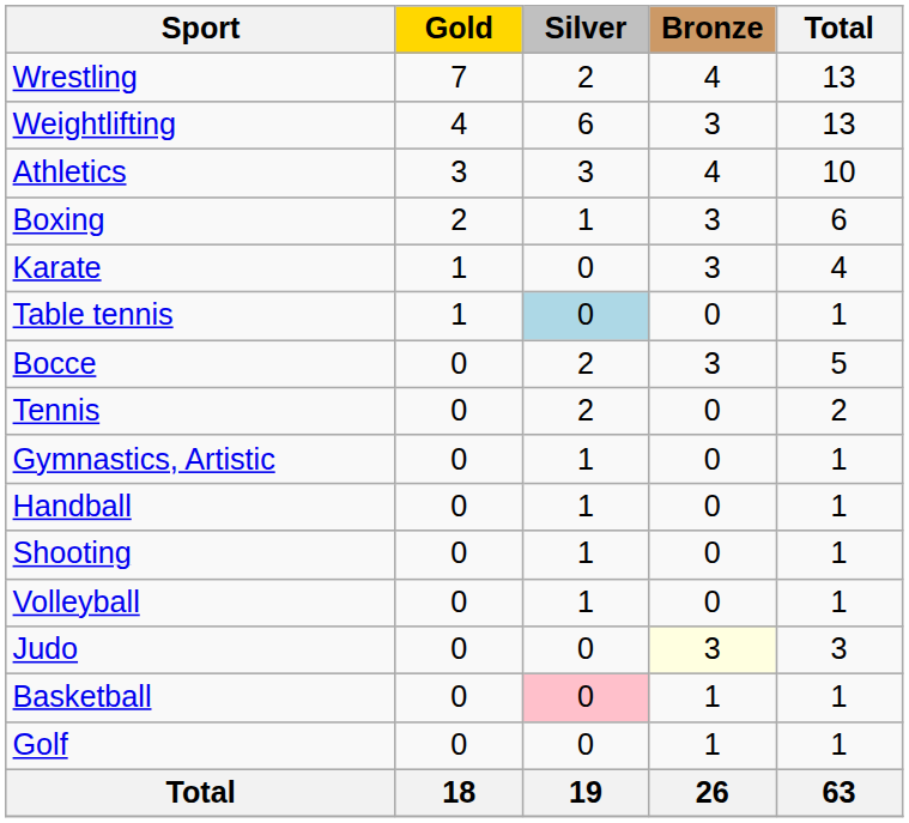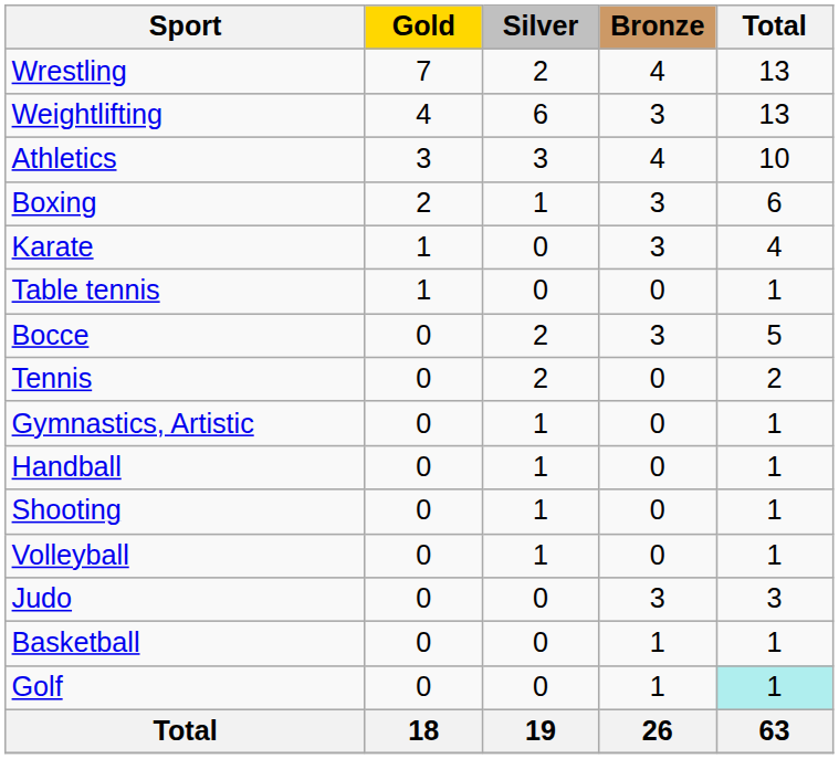 <table class="wikitable" style="text-align:center;">
 <tr>
 <th width=200>Sport</th>
 <td bgcolor=gold width=60><strong>Gold</strong></td>
 <td bgcolor=silver width=60><strong>Silver</strong></td>
 <td bgcolor=#cc9966 width=60><strong>Bronze</strong></td>
 <th width=60>Total</th>
 </tr>
 <tr>
 <td align=left><a href='#'>Wrestling</a></td>
 <td>7</td>
 <td>2</td>
 <td>4</td>
 <td>13</td>
 </tr>
 <tr>
 <td align=left><a href='#'>Weightlifting</a></td>
 <td>4</td>
 <td>6</td>
 <td>3</td>
 <td>13</td>
 </tr>
 <tr>
 <td align=left><a href='#'>Athletics</a></td>
 <td>3</td>
 <td>3</td>
 <td>4</td>
 <td>10</td>
 </tr>
 <tr>
 <td align=left><a href='#'>Boxing</a></td>
 <td>2</td>
 <td>1</td>
 <td>3</td>
 <td>6</td>
 </tr>
 <tr>
 <td align=left><a href='#'>Karate</a></td>
 <td>1</td>
 <td>0</td>
 <td>3</td>
 <td>4</td>
 </tr>
 <tr>
 <td align=left><a href='#'>Table tennis</a></td>
 <td>1</td>
-<td style="background: lightblue;">0</td>
+<td>0</td>
 <td>0</td>
 <td>1</td>
 </tr>
 <tr>
 <td align=left><a href='#'>Bocce</a></td>
 <td>0</td>
 <td>2</td>
 <td>3</td>
 <td>5</td>
 </tr>
 <tr>
 <td align=left><a href='#'>Tennis</a></td>
 <td>0</td>
 <td>2</td>
 <td>0</td>
 <td>2</td>
 </tr>
 <tr>
 <td align=left><a href='#'>Gymnastics, Artistic</a></td>
 <td>0</td>
 <td>1</td>
 <td>0</td>
 <td>1</td>
 </tr>
 <tr>
 <td align=left><a href='#'>Handball</a></td>
 <td>0</td>
 <td>1</td>
 <td>0</td>
 <td>1</td>
 </tr>
 <tr>
 <td align=left><a href='#'>Shooting</a></td>
 <td>0</td>
 <td>1</td>
 <td>0</td>
 <td>1</td>
 </tr>
 <tr>
 <td align=left><a href='#'>Volleyball</a></td>
 <td>0</td>
 <td>1</td>
 <td>0</td>
 <td>1</td>
 </tr>
 <tr>
 <td align=left><a href='#'>Judo</a></td>
 <td>0</td>
 <td>0</td>
-<td style="background: lightyellow;">3</td>
+<td>3</td>
 <td>3</td>
 </tr>
 <tr>
 <td align=left><a href='#'>Basketball</a></td>
 <td>0</td>
-<td style="background: pink;">0</td>
+<td>0</td>
 <td>1</td>
 <td>1</td>
 </tr>
 <tr>
 <td align=left><a href='#'>Golf</a></td>
 <td>0</td>
 <td>0</td>
 <td>1</td>
-<td>1</td>
+<td style="background: paleturquoise;">1</td>
 </tr>
 <tr>
 <th>Total</th>
 <th>18</th>
 <th>19</th>
 <th>26</th>
 <th>63</th>
 </tr>
 <tr>
 </tr>
 </table>
